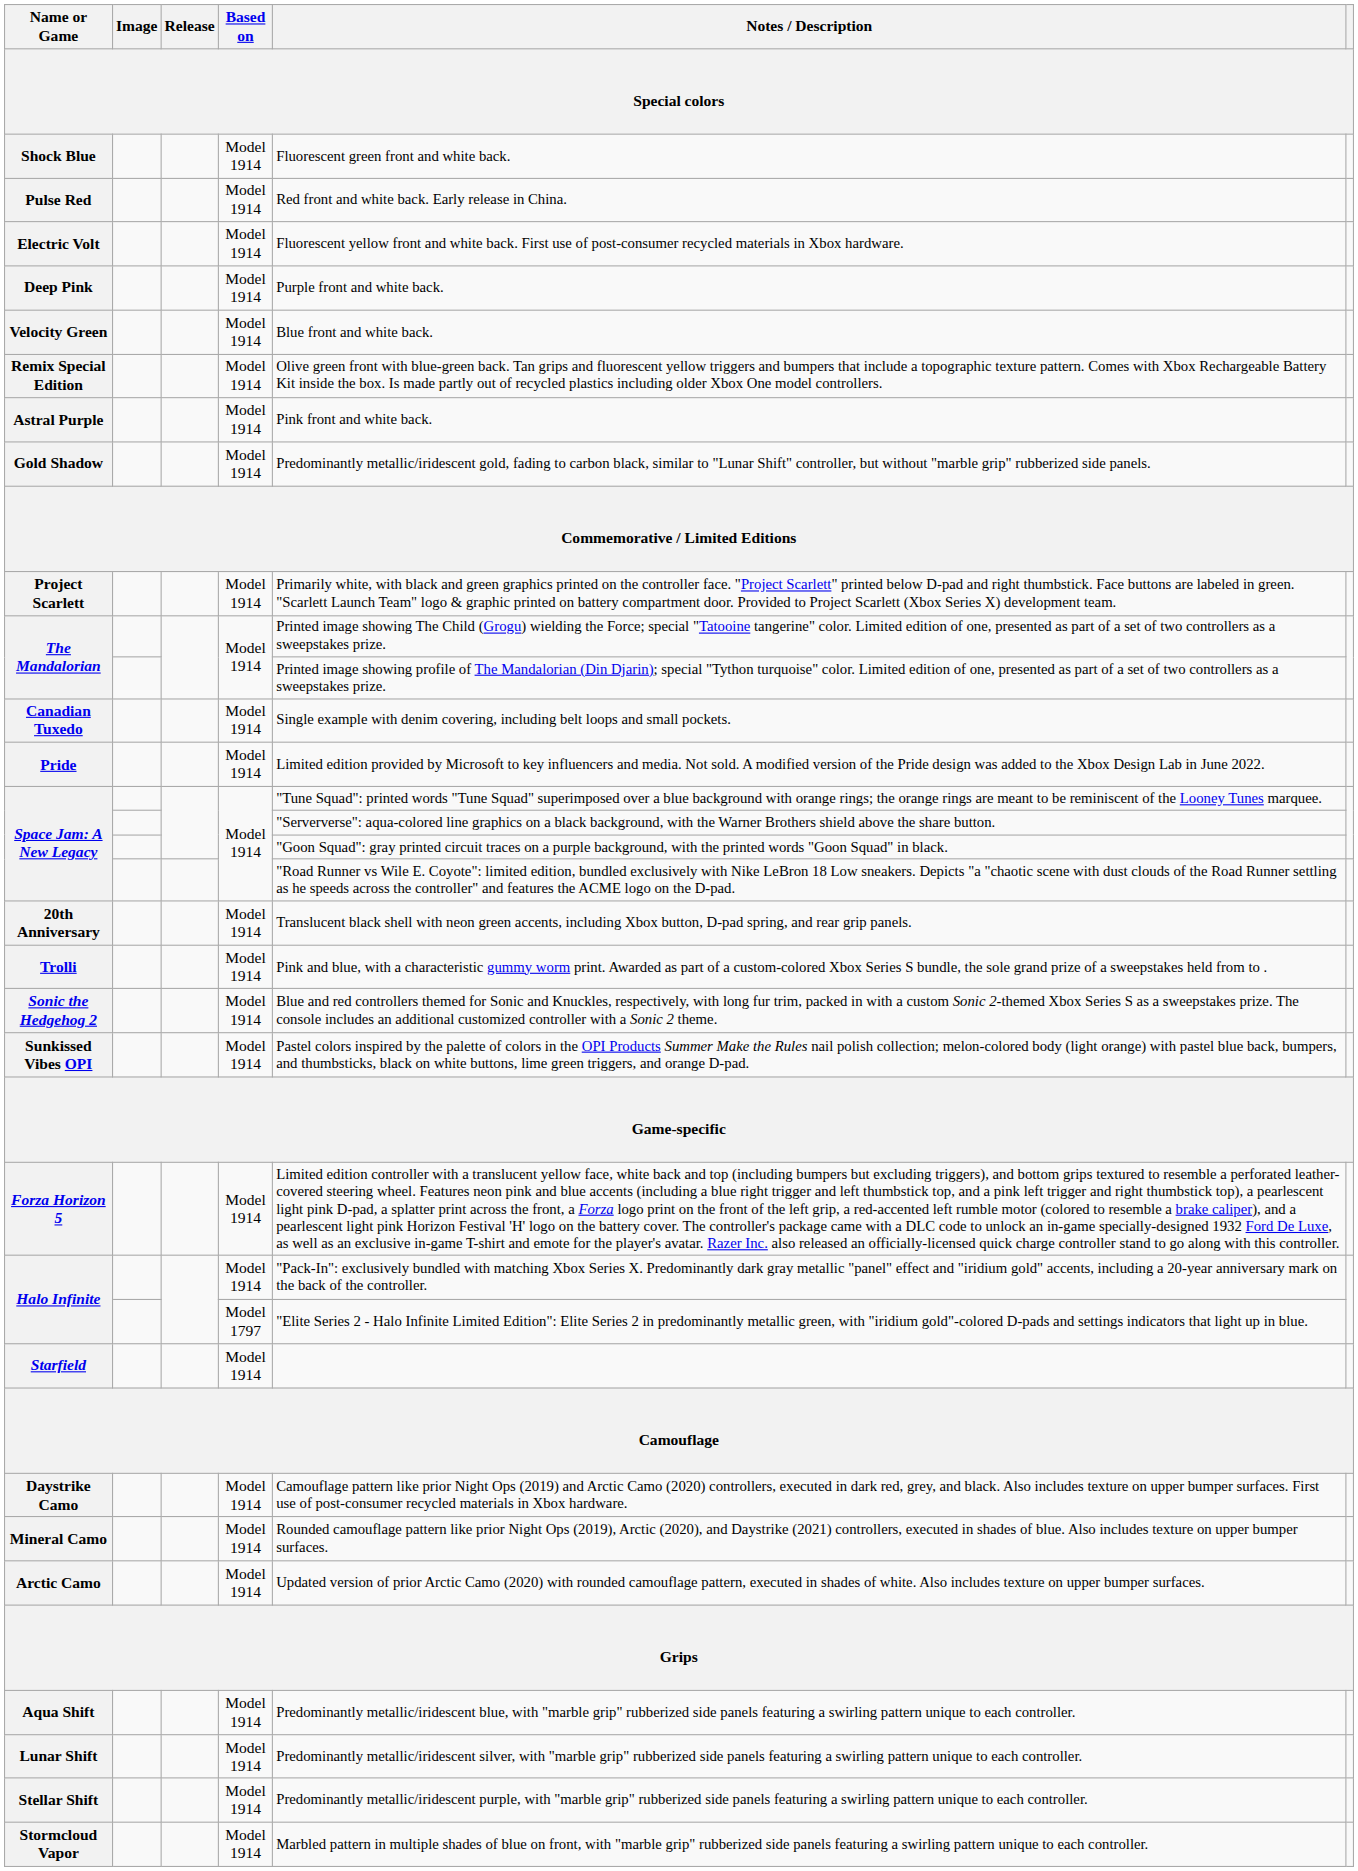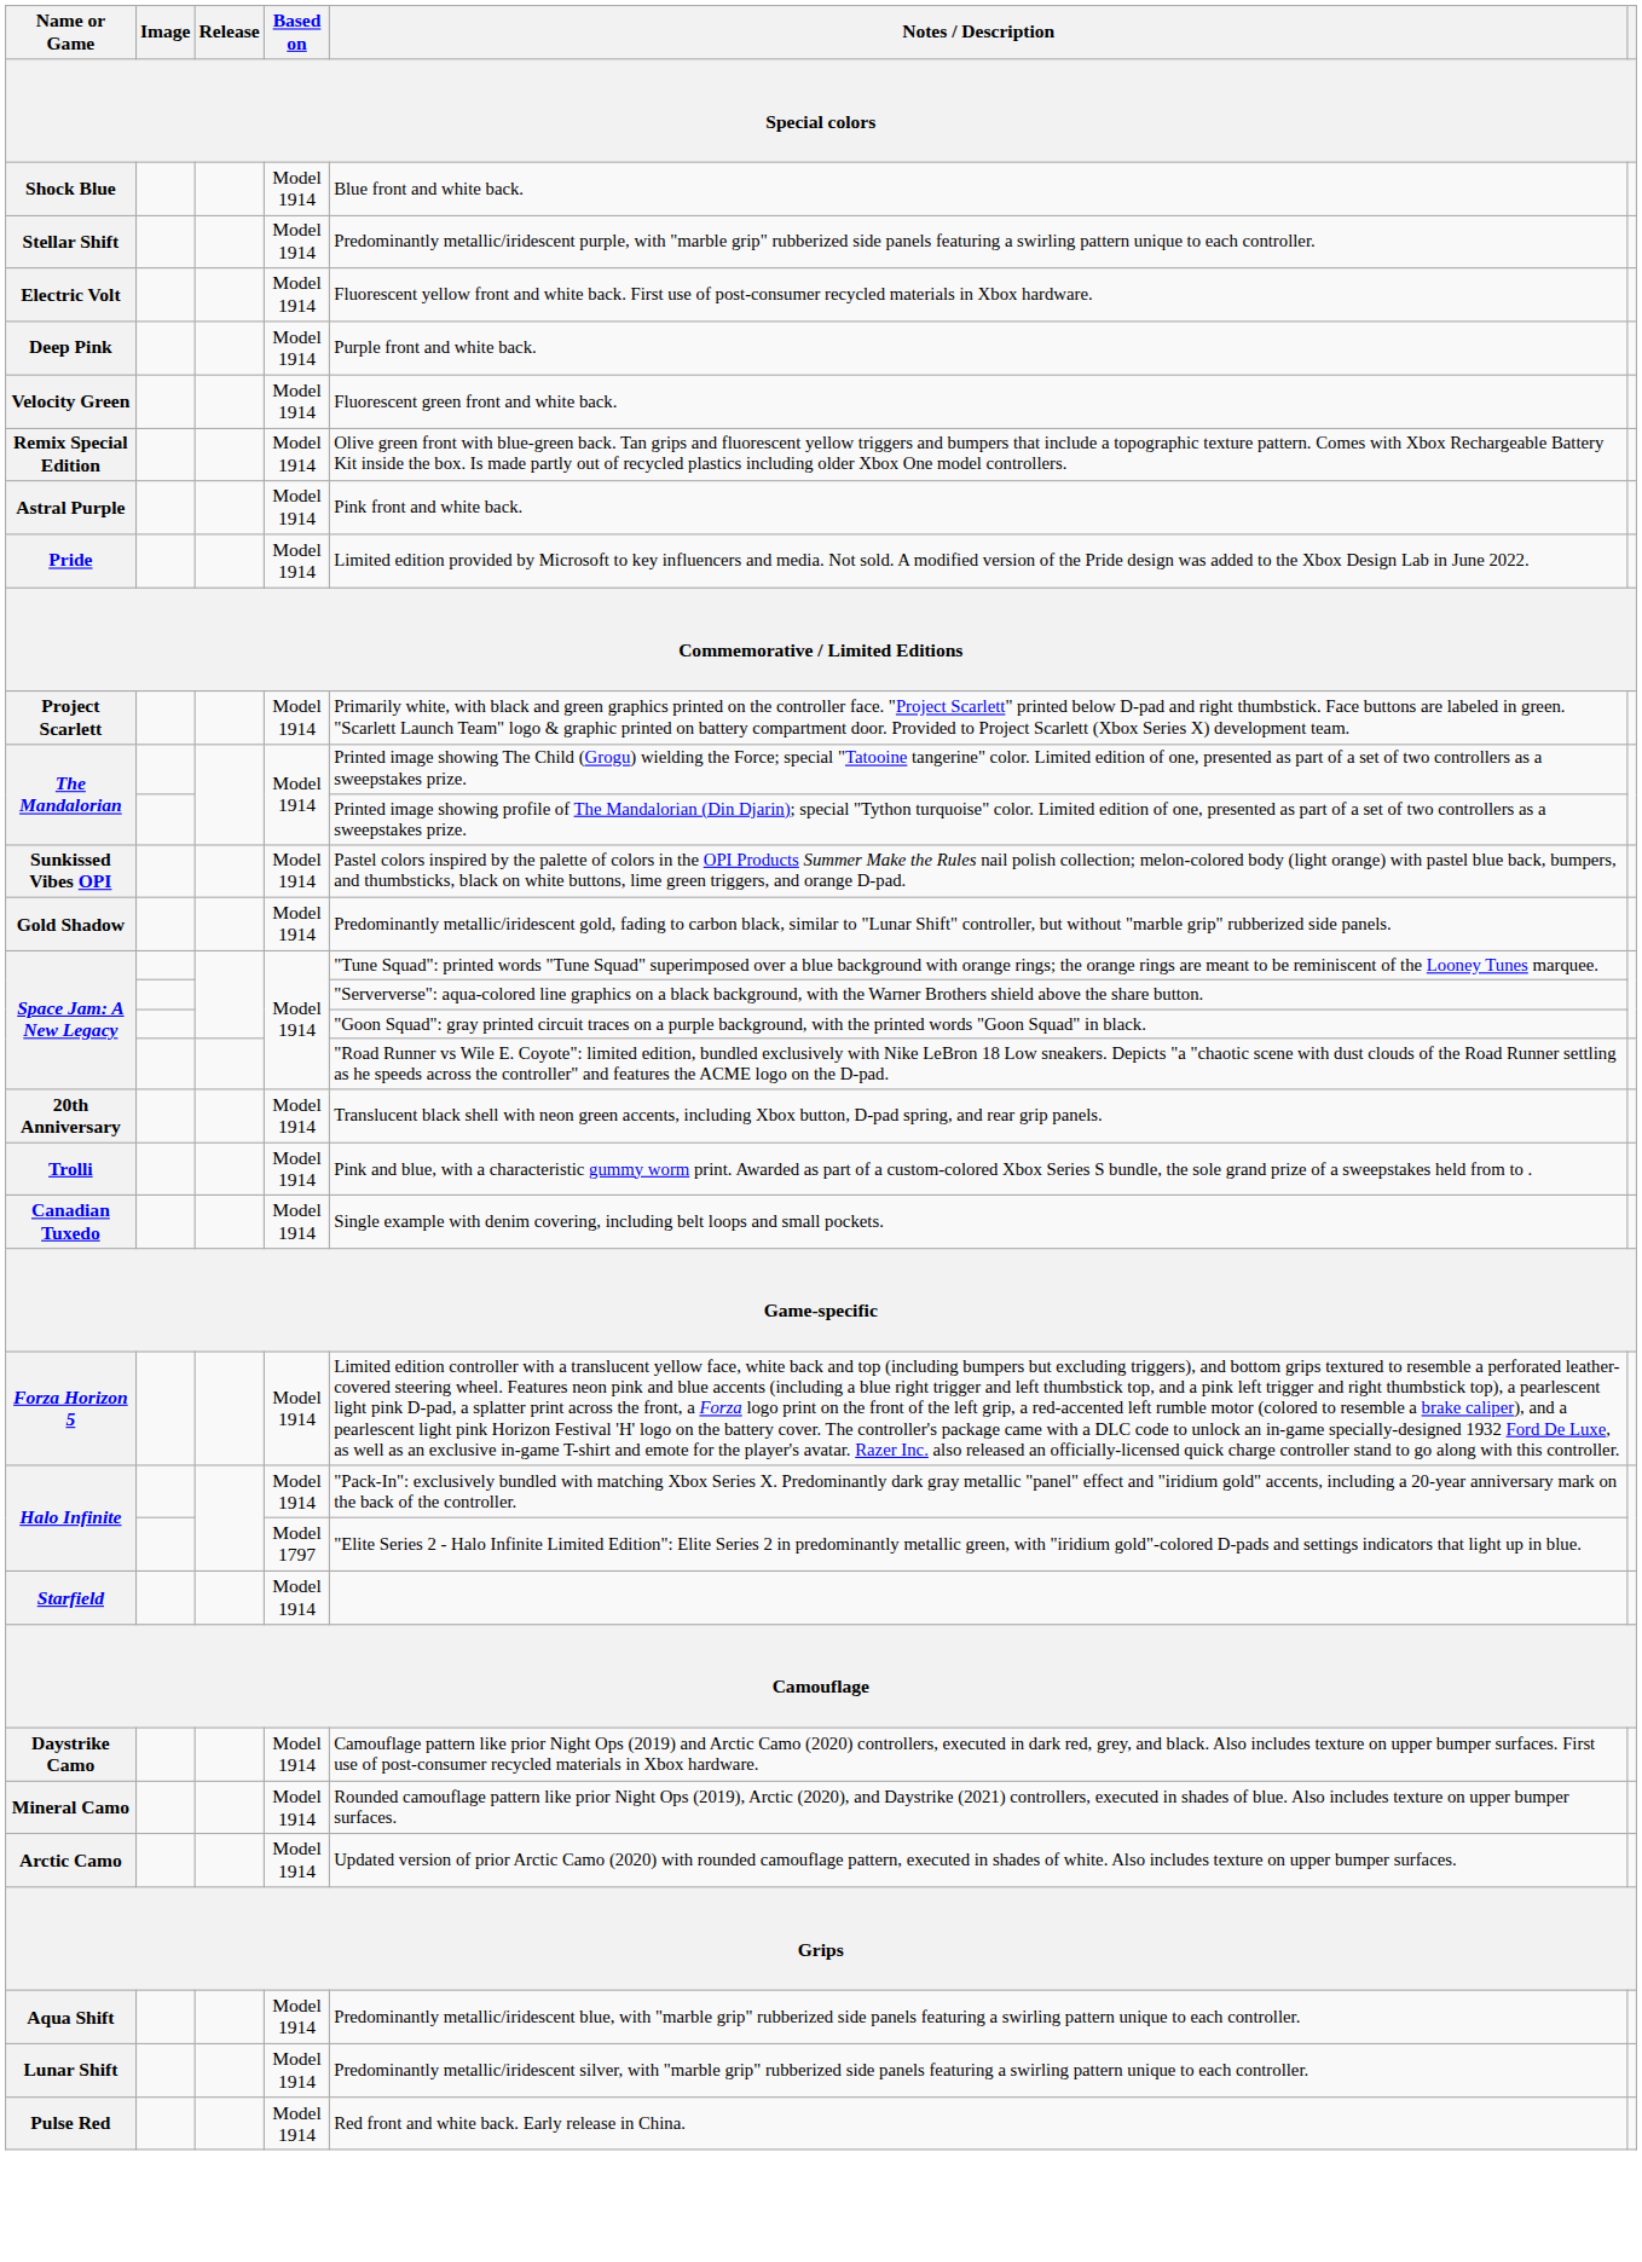 <table class="wikitable sortable" style="text-align:center;font-size:90%;">
 <tr>
 <th>Name or Game</th>
 <th class="unsortable">Image</th>
 <th>Release</th>
 <th><a href='#'>Based on</a></th>
 <th class="unsortable">Notes / Description</th>
 <th class="unsortable"></th>
 </tr>
 <tr>
 <th colspan=6 data-sort-value="zzz"><br><h4>Special colors</h4></th>
 </tr>
 <tr>
 <th>Shock Blue</th>
 <td></td>
 <td></td>
 <td>Model 1914</td>
-<td style="text-align:left;font-size:95%;">Fluorescent green front and white back.</td>
+<td style="text-align:left;font-size:95%;">Blue front and white back.</td>
 <td></td>
 </tr>
 <tr>
-<th>Pulse Red</th>
+<th>Stellar Shift</th>
 <td></td>
 <td></td>
 <td>Model 1914</td>
-<td style="text-align:left;font-size:95%;">Red front and white back. Early release in China.</td>
+<td style="text-align:left;font-size:95%;">Predominantly metallic/iridescent purple, with "marble grip" rubberized side panels featuring a swirling pattern unique to each controller.</td>
 <td></td>
 </tr>
 <tr>
 <th>Electric Volt</th>
 <td></td>
 <td></td>
 <td>Model 1914</td>
 <td style="text-align:left;font-size:95%;">Fluorescent yellow front and white back. First use of post-consumer recycled materials in Xbox hardware.</td>
 <td></td>
 </tr>
 <tr>
 <th>Deep Pink</th>
 <td></td>
 <td></td>
 <td>Model 1914</td>
 <td style="text-align:left;font-size:95%;">Purple front and white back.</td>
 <td></td>
 </tr>
 <tr>
 <th>Velocity Green</th>
 <td></td>
 <td></td>
 <td>Model 1914</td>
-<td style="text-align:left;font-size:95%;">Blue front and white back.</td>
+<td style="text-align:left;font-size:95%;">Fluorescent green front and white back.</td>
 <td></td>
 </tr>
 <tr>
 <th>Remix Special Edition</th>
 <td></td>
 <td></td>
 <td>Model 1914</td>
 <td style="text-align:left;font-size:95%;">Olive green front with blue-green back. Tan grips and fluorescent yellow triggers and bumpers that include a topographic texture pattern. Comes with Xbox Rechargeable Battery Kit inside the box. Is made partly out of recycled plastics including older Xbox One model controllers.</td>
 <td></td>
 </tr>
 <tr>
 <th>Astral Purple</th>
 <td></td>
 <td></td>
 <td>Model 1914</td>
 <td style="text-align:left;font-size:95%;">Pink front and white back.</td>
 <td></td>
 </tr>
 <tr>
-<th>Gold Shadow</th>
+<th><a href='#'>Pride</a></th>
 <td></td>
 <td></td>
 <td>Model 1914</td>
-<td style="text-align:left;font-size:95%;">Predominantly metallic/iridescent gold, fading to carbon black, similar to "Lunar Shift" controller, but without "marble grip" rubberized side panels.</td>
+<td style="text-align:left;font-size:95%;">Limited edition provided by Microsoft to key influencers and media. Not sold. A modified version of the Pride design was added to the Xbox Design Lab in June 2022.</td>
 <td></td>
 </tr>
 <tr>
 <th colspan=6 data-sort-value="zzz"><br><h4>Commemorative / Limited Editions</h4></th>
 </tr>
 <tr>
 <th>Project Scarlett</th>
 <td></td>
 <td></td>
 <td>Model 1914</td>
 <td style="text-align:left;font-size:95%;">Primarily white, with black and green graphics printed on the controller face. "<a href='#'>Project Scarlett</a>" printed below D-pad and right thumbstick. Face buttons are labeled in green. "Scarlett Launch Team" logo & graphic printed on battery compartment door. Provided to Project Scarlett (Xbox Series X) development team.</td>
 <td></td>
 </tr>
 <tr>
 <th rowspan=2><em><a href='#'>The Mandalorian</a></em></th>
 <td></td>
 <td rowspan=2></td>
 <td rowspan=2>Model 1914</td>
 <td style="text-align:left;font-size:95%;">Printed image showing The Child (<a href='#'>Grogu</a>) wielding the Force; special "<a href='#'>Tatooine</a> tangerine" color. Limited edition of one, presented as part of a set of two controllers as a sweepstakes prize.</td>
 <td rowspan=2></td>
 </tr>
 <tr>
 <td></td>
 <td style="text-align:left;font-size:95%;">Printed image showing profile of <a href='#'>The Mandalorian (Din Djarin)</a>; special "Tython turquoise" color. Limited edition of one, presented as part of a set of two controllers as a sweepstakes prize.</td>
 </tr>
 <tr>
-<th><a href='#'>Canadian Tuxedo</a></th>
+<th>Sunkissed Vibes <a href='#'>OPI</a></th>
 <td></td>
 <td></td>
 <td>Model 1914</td>
-<td style="text-align:left;font-size:95%;">Single example with denim covering, including belt loops and small pockets.</td>
+<td style="text-align:left;font-size:95%;">Pastel colors inspired by the palette of colors in the <a href='#'>OPI Products</a> <em>Summer Make the Rules</em> nail polish collection; melon-colored body (light orange) with pastel blue back, bumpers, and thumbsticks, black on white buttons, lime green triggers, and orange D-pad.</td>
 <td></td>
 </tr>
 <tr>
-<th><a href='#'>Pride</a></th>
+<th>Gold Shadow</th>
 <td></td>
 <td></td>
 <td>Model 1914</td>
-<td style="text-align:left;font-size:95%;">Limited edition provided by Microsoft to key influencers and media. Not sold. A modified version of the Pride design was added to the Xbox Design Lab in June 2022.</td>
+<td style="text-align:left;font-size:95%;">Predominantly metallic/iridescent gold, fading to carbon black, similar to "Lunar Shift" controller, but without "marble grip" rubberized side panels.</td>
 <td></td>
 </tr>
 <tr>
 <th rowspan=4><em><a href='#'>Space Jam: A New Legacy</a></em></th>
 <td></td>
 <td rowspan=3></td>
 <td rowspan=4>Model 1914</td>
 <td style="text-align:left;font-size:95%;">"Tune Squad": printed words "Tune Squad" superimposed over a blue background with orange rings; the orange rings are meant to be reminiscent of the <a href='#'>Looney Tunes</a> marquee.</td>
 <td rowspan=3></td>
 </tr>
 <tr>
 <td></td>
 <td style="text-align:left;font-size:95%;">"Serververse": aqua-colored line graphics on a black background, with the Warner Brothers shield above the share button.</td>
 </tr>
 <tr>
 <td></td>
 <td style="text-align:left;font-size:95%;">"Goon Squad": gray printed circuit traces on a purple background, with the printed words "Goon Squad" in black.</td>
 </tr>
 <tr>
 <td></td>
 <td></td>
 <td style="text-align:left;font-size:95%;">"Road Runner vs Wile E. Coyote": limited edition, bundled exclusively with Nike LeBron 18 Low sneakers. Depicts "a "chaotic scene with dust clouds of the Road Runner settling as he speeds across the controller" and features the ACME logo on the D-pad.</td>
 <td></td>
 </tr>
 <tr>
 <th>20th Anniversary</th>
 <td></td>
 <td></td>
 <td>Model 1914</td>
 <td style="text-align:left;font-size:95%;">Translucent black shell with neon green accents, including Xbox button, D-pad spring, and rear grip panels.</td>
 <td></td>
 </tr>
 <tr>
 <th><a href='#'>Trolli</a></th>
 <td></td>
 <td></td>
 <td>Model 1914</td>
 <td style="text-align:left;font-size:95%;">Pink and blue, with a characteristic <a href='#'>gummy worm</a> print. Awarded as part of a custom-colored Xbox Series S bundle, the sole grand prize of a sweepstakes held from  to .</td>
 <td></td>
 </tr>
 <tr>
-<th><a href='#'><em>Sonic the Hedgehog 2</em></a></th>
+<th><a href='#'>Canadian Tuxedo</a></th>
 <td></td>
 <td></td>
 <td>Model 1914</td>
-<td style="text-align:left;font-size:95%;">Blue and red controllers themed for Sonic and Knuckles, respectively, with long fur trim, packed in with a custom <em>Sonic 2</em>-themed Xbox Series S as a sweepstakes prize. The console includes an additional customized controller with a <em>Sonic 2</em> theme.</td>
-<td></td>
-</tr>
-<tr>
-<th>Sunkissed Vibes <a href='#'>OPI</a></th>
-<td></td>
-<td></td>
-<td>Model 1914</td>
-<td style="text-align:left;font-size:95%;">Pastel colors inspired by the palette of colors in the <a href='#'>OPI Products</a> <em>Summer Make the Rules</em> nail polish collection; melon-colored body (light orange) with pastel blue back, bumpers, and thumbsticks, black on white buttons, lime green triggers, and orange D-pad.</td>
+<td style="text-align:left;font-size:95%;">Single example with denim covering, including belt loops and small pockets.</td>
 <td></td>
 </tr>
 <tr>
 <th colspan=6 data-sort-value="zzz"><br><h4>Game-specific</h4></th>
 </tr>
 <tr>
 <th><em><a href='#'>Forza Horizon 5</a></em></th>
 <td></td>
 <td></td>
 <td>Model 1914</td>
 <td style="text-align:left;font-size:95%;">Limited edition controller with a translucent yellow face, white back and top (including bumpers but excluding triggers), and bottom grips textured to resemble a perforated leather-covered steering wheel. Features neon pink and blue accents (including a blue right trigger and left thumbstick top, and a pink left trigger and right thumbstick top), a pearlescent light pink D-pad, a splatter print across the front, a <em><a href='#'>Forza</a></em> logo print on the front of the left grip, a red-accented left rumble motor (colored to resemble a <a href='#'>brake caliper</a>), and a pearlescent light pink Horizon Festival 'H' logo on the battery cover. The controller's package came with a DLC code to unlock an in-game specially-designed 1932 <a href='#'>Ford De Luxe</a>, as well as an exclusive in-game T-shirt and emote for the player's avatar. <a href='#'>Razer Inc.</a> also released an officially-licensed quick charge controller stand to go along with this controller.</td>
 <td></td>
 </tr>
 <tr>
 <th rowspan=2><em><a href='#'>Halo Infinite</a></em></th>
 <td></td>
 <td rowspan=2></td>
 <td>Model 1914</td>
 <td style="text-align:left;font-size:95%;">"Pack-In": exclusively bundled with matching Xbox Series X. Predominantly dark gray metallic "panel" effect and "iridium gold" accents, including a 20-year anniversary mark on the back of the controller.</td>
 <td rowspan=2></td>
 </tr>
 <tr>
 <td></td>
 <td>Model 1797</td>
 <td style="text-align:left;font-size:95%;">"Elite Series 2 - Halo Infinite Limited Edition": Elite Series 2 in predominantly metallic green, with "iridium gold"-colored D-pads and settings indicators that light up in blue.</td>
 </tr>
 <tr>
 <th><em><a href='#'>Starfield</a></em></th>
 <td></td>
 <td></td>
 <td>Model 1914</td>
 <td></td>
 <td></td>
 </tr>
 <tr>
 <th colspan=6 data-sort-value="zzz"><br><h4>Camouflage</h4></th>
 </tr>
 <tr>
 <th>Daystrike Camo</th>
 <td></td>
 <td></td>
 <td>Model 1914</td>
 <td style="text-align:left;font-size:95%;">Camouflage pattern like prior Night Ops (2019) and Arctic Camo (2020) controllers, executed in dark red, grey, and black. Also includes texture on upper bumper surfaces. First use of post-consumer recycled materials in Xbox hardware.</td>
 <td></td>
 </tr>
 <tr>
 <th>Mineral Camo</th>
 <td></td>
 <td></td>
 <td>Model 1914</td>
 <td style="text-align:left;font-size:95%;">Rounded camouflage pattern like prior Night Ops (2019), Arctic (2020), and Daystrike (2021) controllers, executed in shades of blue. Also includes texture on upper bumper surfaces.</td>
 <td></td>
 </tr>
 <tr>
 <th>Arctic Camo</th>
 <td></td>
 <td></td>
 <td>Model 1914</td>
 <td style="text-align:left;font-size:95%;">Updated version of prior Arctic Camo (2020) with rounded camouflage pattern, executed in shades of white. Also includes texture on upper bumper surfaces.</td>
 <td></td>
 </tr>
 <tr>
 <th colspan=6 data-sort-value="zzz"><br><h4>Grips</h4></th>
 </tr>
 <tr>
 <th>Aqua Shift</th>
 <td></td>
 <td></td>
 <td>Model 1914</td>
 <td style="text-align:left;font-size:95%;">Predominantly metallic/iridescent blue, with "marble grip" rubberized side panels featuring a swirling pattern unique to each controller.</td>
 <td></td>
 </tr>
 <tr>
 <th>Lunar Shift</th>
 <td></td>
 <td></td>
 <td>Model 1914</td>
 <td style="text-align:left;font-size:95%;">Predominantly metallic/iridescent silver, with "marble grip" rubberized side panels featuring a swirling pattern unique to each controller.</td>
 <td></td>
 </tr>
 <tr>
-<th>Stellar Shift</th>
+<th>Pulse Red</th>
 <td></td>
 <td></td>
 <td>Model 1914</td>
-<td style="text-align:left;font-size:95%;">Predominantly metallic/iridescent purple, with "marble grip" rubberized side panels featuring a swirling pattern unique to each controller.</td>
-<td></td>
-</tr>
-<tr>
-<th>Stormcloud Vapor</th>
-<td></td>
-<td></td>
-<td>Model 1914</td>
-<td style="text-align:left;font-size:95%;">Marbled pattern in multiple shades of blue on front, with "marble grip" rubberized side panels featuring a swirling pattern unique to each controller.</td>
+<td style="text-align:left;font-size:95%;">Red front and white back. Early release in China.</td>
 <td></td>
 </tr>
 </table>
